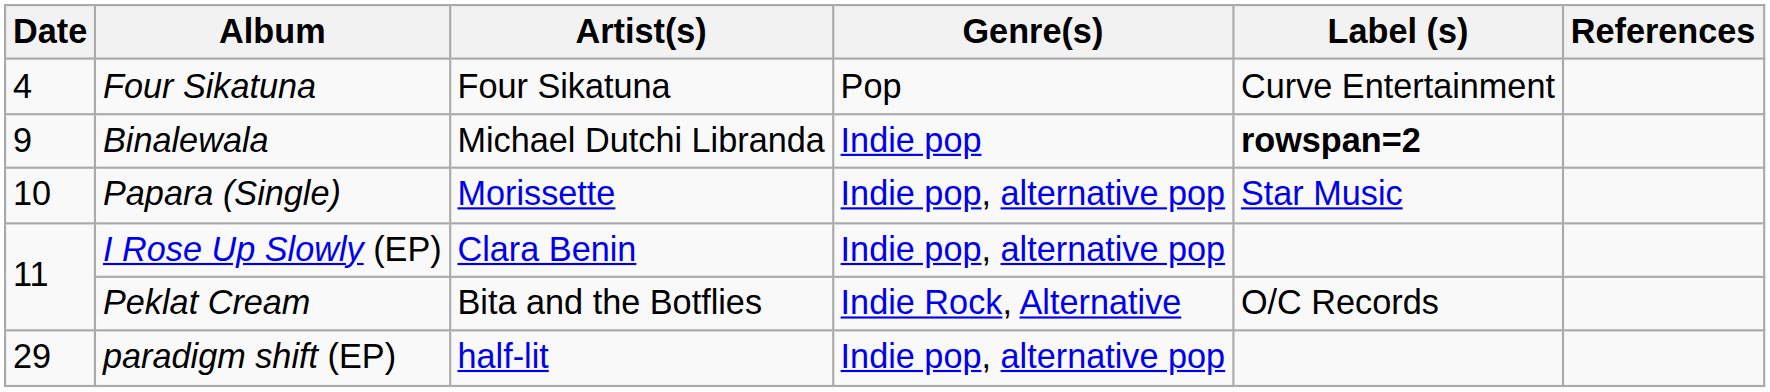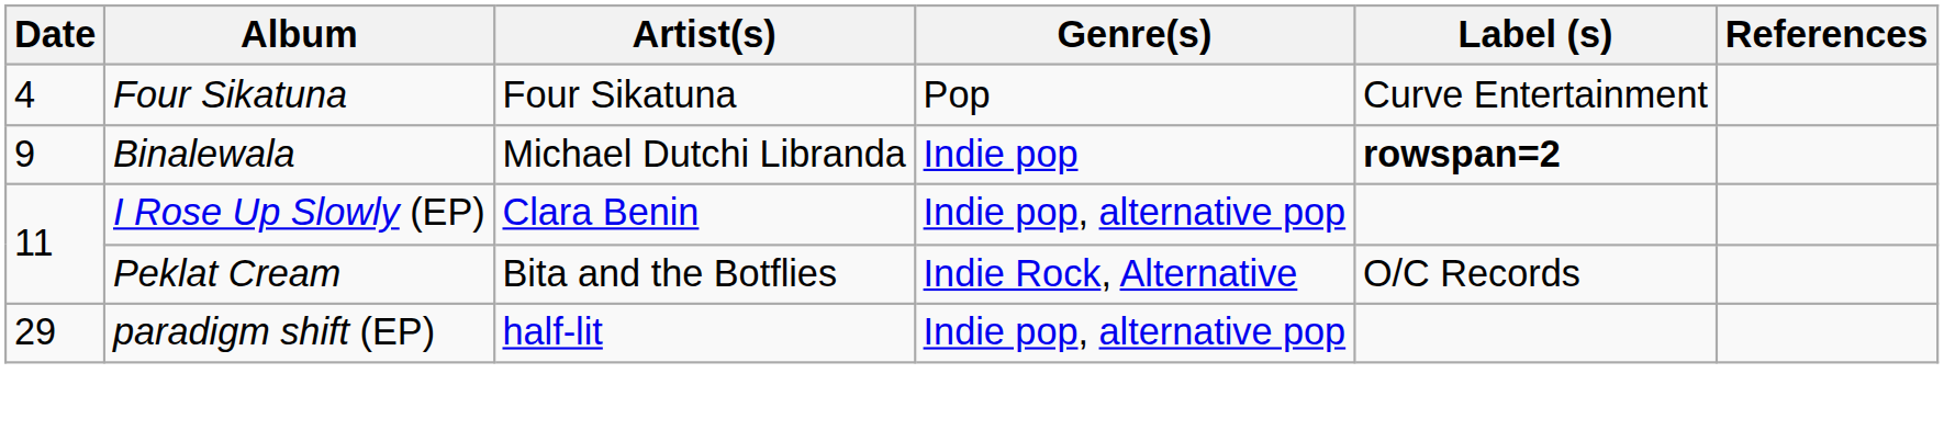 <table class="wikitable">
 <tr>
 <th>Date</th>
 <th>Album</th>
 <th>Artist(s)</th>
 <th>Genre(s)</th>
 <th>Label (s)</th>
 <th>References</th>
 </tr>
 <tr>
 <td>4</td>
 <td><em>Four Sikatuna</em></td>
 <td>Four Sikatuna</td>
 <td>Pop</td>
 <td>Curve Entertainment</td>
 <td></td>
 </tr>
 <tr>
 <td>9</td>
 <td><em>Binalewala</em></td>
 <td>Michael Dutchi Libranda</td>
 <td><a href='#'>Indie pop</a></td>
 <td><strong>rowspan=2 </strong></td>
 <td></td>
 </tr>
 <tr>
-<td>10</td>
-<td><em>Papara (Single)</em></td>
-<td><a href='#'>Morissette</a></td>
-<td><a href='#'>Indie pop</a>, <a href='#'>alternative pop</a></td>
-<td><a href='#'>Star Music</a></td>
-<td></td>
-</tr>
-<tr>
 <td rowspan=2>11</td>
 <td><em><a href='#'>I Rose Up Slowly</a></em> (EP)</td>
 <td><a href='#'>Clara Benin</a></td>
 <td><a href='#'>Indie pop</a>, <a href='#'>alternative pop</a></td>
 <td></td>
 </tr>
 <tr>
 <td><em>Peklat Cream</em></td>
 <td>Bita and the Botflies</td>
 <td><a href='#'>Indie Rock</a>, <a href='#'>Alternative</a></td>
 <td>O/C Records</td>
 <td></td>
 </tr>
 <tr>
 <td>29</td>
 <td><em>paradigm shift</em> (EP)</td>
 <td><a href='#'>half-lit</a></td>
 <td><a href='#'>Indie pop</a>, <a href='#'>alternative pop</a></td>
 <td></td>
 <td></td>
 </tr>
 </table>
